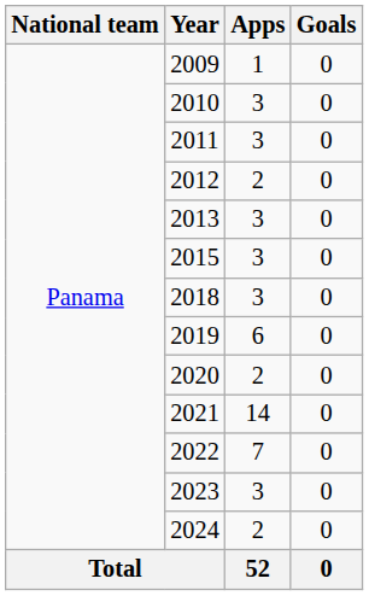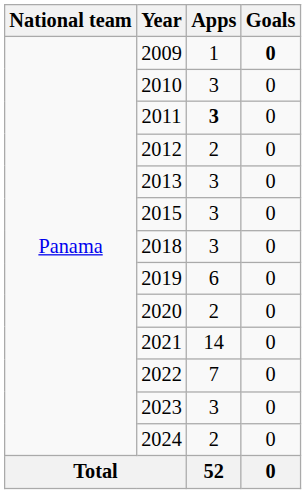 <table class="wikitable" style="text-align:center">
 <tr>
 <th>National team</th>
 <th>Year</th>
 <th>Apps</th>
 <th>Goals</th>
 </tr>
 <tr>
 <td rowspan=13><a href='#'>Panama</a></td>
 <td>2009</td>
 <td>1</td>
-<td>0</td>
+<td><strong>0</strong></td>
 </tr>
 <tr>
 <td>2010</td>
 <td>3</td>
 <td>0</td>
 </tr>
 <tr>
 <td>2011</td>
-<td>3</td>
+<td><strong>3</strong></td>
 <td>0</td>
 </tr>
 <tr>
 <td>2012</td>
 <td>2</td>
 <td>0</td>
 </tr>
 <tr>
 <td>2013</td>
 <td>3</td>
 <td>0</td>
 </tr>
 <tr>
 <td>2015</td>
 <td>3</td>
 <td>0</td>
 </tr>
 <tr>
 <td>2018</td>
 <td>3</td>
 <td>0</td>
 </tr>
 <tr>
 <td>2019</td>
 <td>6</td>
 <td>0</td>
 </tr>
 <tr>
 <td>2020</td>
 <td>2</td>
 <td>0</td>
 </tr>
 <tr>
 <td>2021</td>
 <td>14</td>
 <td>0</td>
 </tr>
 <tr>
 <td>2022</td>
 <td>7</td>
 <td>0</td>
 </tr>
 <tr>
 <td>2023</td>
 <td>3</td>
 <td>0</td>
 </tr>
 <tr>
 <td>2024</td>
 <td>2</td>
 <td>0</td>
 </tr>
 <tr>
 <th colspan=2>Total</th>
 <th>52</th>
 <th>0</th>
 </tr>
 </table>
